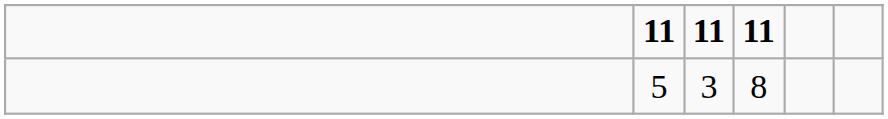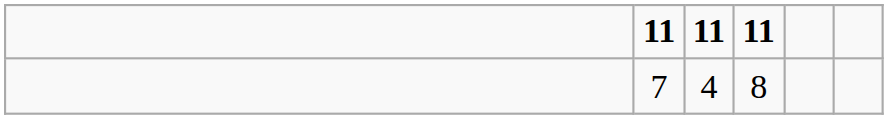 <table class="wikitable">
 <tr>
 <td style="width:18em"></td>
 <td align=center style="width:1em"><strong>11</strong></td>
 <td align=center style="width:1em"><strong>11</strong></td>
 <td align=center style="width:1em"><strong>11</strong></td>
 <td align=center style="width:1em"></td>
 <td align=center style="width:1em"></td>
 </tr>
 <tr>
 <td style="width:18em"></td>
-<td align=center style="width:1em">5</td>
-<td align=center style="width:1em">3</td>
+<td align=center style="width:1em">7</td>
+<td align=center style="width:1em">4</td>
 <td align=center style="width:1em">8</td>
 <td align=center style="width:1em"></td>
 <td align=center style="width:1em"></td>
 </tr>
 </table>
